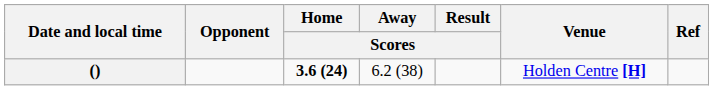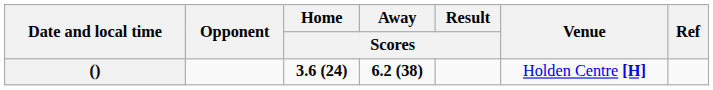 <table class="wikitable plainrowheaders" style="font-size:90%; width:100%; text-align:center;">
 <tr>
 <th scope="col" rowspan="2">Date and local time</th>
 <th scope="col" rowspan="2">Opponent</th>
 <th scope="col">Home</th>
 <th scope="col">Away</th>
 <th scope="col">Result</th>
 <th scope="col" rowspan="2">Venue</th>
 <th scope="col" class="unsortable" rowspan=2>Ref</th>
 </tr>
 <tr>
 <th scope="col" colspan="3">Scores</th>
 </tr>
 <tr>
 <th scope="row"> ()</th>
 <td align=left></td>
 <td><strong>3.6 (24)</strong></td>
-<td>6.2 (38)</td>
+<td><strong>6.2 (38)</strong></td>
 <td></td>
 <td><a href='#'>Holden Centre</a> <a href='#'><strong>[H]</strong></a></td>
 <td></td>
 </tr>
 </table>
